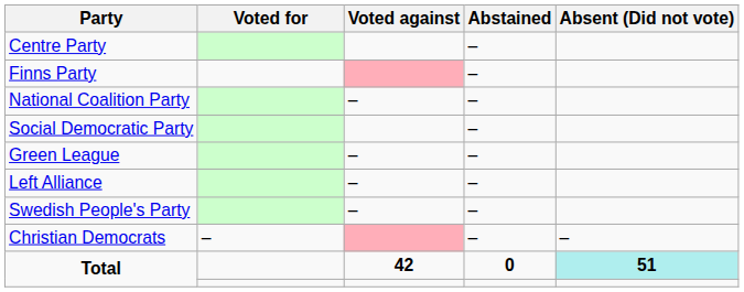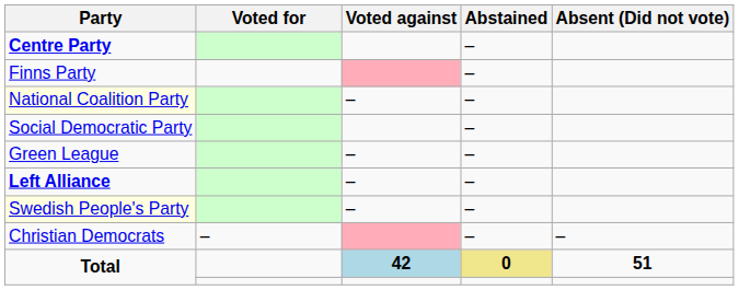 <table class="wikitable">
 <tr>
 <th>Party</th>
 <th style="width:20%;">Voted for</th>
 <th>Voted against</th>
 <th>Abstained</th>
 <th>Absent (Did not vote)</th>
 </tr>
 <tr>
-<td> <a href='#'>Centre Party</a></td>
+<td><strong> <a href='#'>Centre Party</a></strong></td>
 <td style="background-color:#CCFFCC;"></td>
 <td></td>
 <td>–</td>
 <td></td>
 </tr>
 <tr>
 <td> <a href='#'>Finns Party</a></td>
 <td></td>
 <td style="background-color:#FFAEB9;"></td>
 <td>–</td>
 <td></td>
 </tr>
 <tr>
-<td> <a href='#'>National Coalition Party</a></td>
+<td style="background: lightyellow;"> <a href='#'>National Coalition Party</a></td>
 <td style="background-color:#CCFFCC;"></td>
 <td>–</td>
 <td>–</td>
 <td></td>
 </tr>
 <tr>
 <td> <a href='#'>Social Democratic Party</a></td>
 <td style="background-color:#CCFFCC;"></td>
 <td></td>
 <td>–</td>
 <td></td>
 </tr>
 <tr>
 <td> <a href='#'>Green League</a></td>
 <td style="background-color:#CCFFCC;"></td>
 <td>–</td>
 <td>–</td>
 <td></td>
 </tr>
 <tr>
-<td> <a href='#'>Left Alliance</a></td>
+<td><strong> <a href='#'>Left Alliance</a></strong></td>
 <td style="background-color:#CCFFCC;"></td>
 <td>–</td>
 <td>–</td>
 <td></td>
 </tr>
 <tr>
-<td> <a href='#'>Swedish People's Party</a></td>
+<td style="background: lightyellow;"> <a href='#'>Swedish People's Party</a></td>
 <td style="background-color:#CCFFCC;"></td>
 <td>–</td>
 <td>–</td>
 <td></td>
 </tr>
 <tr>
 <td> <a href='#'>Christian Democrats</a></td>
 <td>–</td>
 <td style="background-color:#FFAEB9;"></td>
 <td>–</td>
 <td>–</td>
 </tr>
 <tr>
 <td style="text-align:center;" rowspan="2"><strong>Total</strong></td>
 <td></td>
-<td style="text-align:center;"><strong>42</strong></td>
-<td style="text-align:center;"><strong>0</strong></td>
-<td style="background: paleturquoise; text-align:center;"><strong>51</strong></td>
+<td style="background: lightblue; text-align:center;"><strong>42</strong></td>
+<td style="background: khaki; text-align:center;"><strong>0</strong></td>
+<td style="text-align:center;"><strong>51</strong></td>
 </tr>
 <tr>
 <td style="text-align:center;"></td>
 <td style="text-align:center;"></td>
 <td style="text-align:center;"></td>
 <td style="text-align:center;"></td>
 </tr>
 </table>
